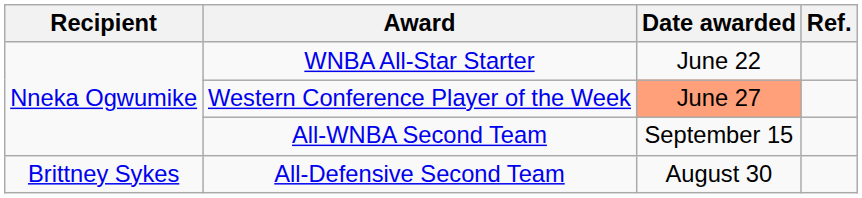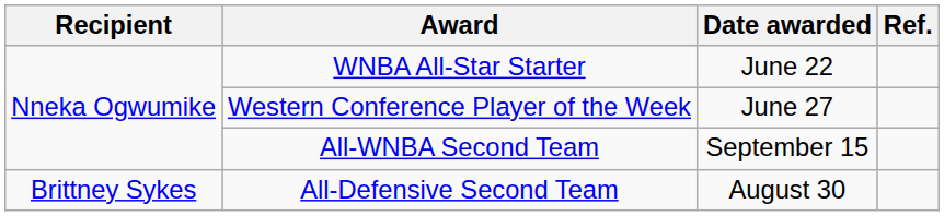 <table class="wikitable sortable sortable" style="text-align: center">
 <tr>
 <th>Recipient</th>
 <th>Award</th>
 <th>Date awarded</th>
 <th>Ref.</th>
 </tr>
 <tr>
 <td rowspan=3><a href='#'>Nneka Ogwumike</a></td>
 <td><a href='#'>WNBA All-Star Starter</a></td>
 <td>June 22</td>
 <td></td>
 </tr>
 <tr>
 <td><a href='#'>Western Conference Player of the Week</a></td>
-<td style="background: lightsalmon;">June 27</td>
+<td>June 27</td>
 <td></td>
 </tr>
 <tr>
 <td><a href='#'>All-WNBA Second Team</a></td>
 <td>September 15</td>
 <td></td>
 </tr>
 <tr>
 <td><a href='#'>Brittney Sykes</a></td>
 <td><a href='#'>All-Defensive Second Team</a></td>
 <td>August 30</td>
 <td></td>
 </tr>
 </table>
